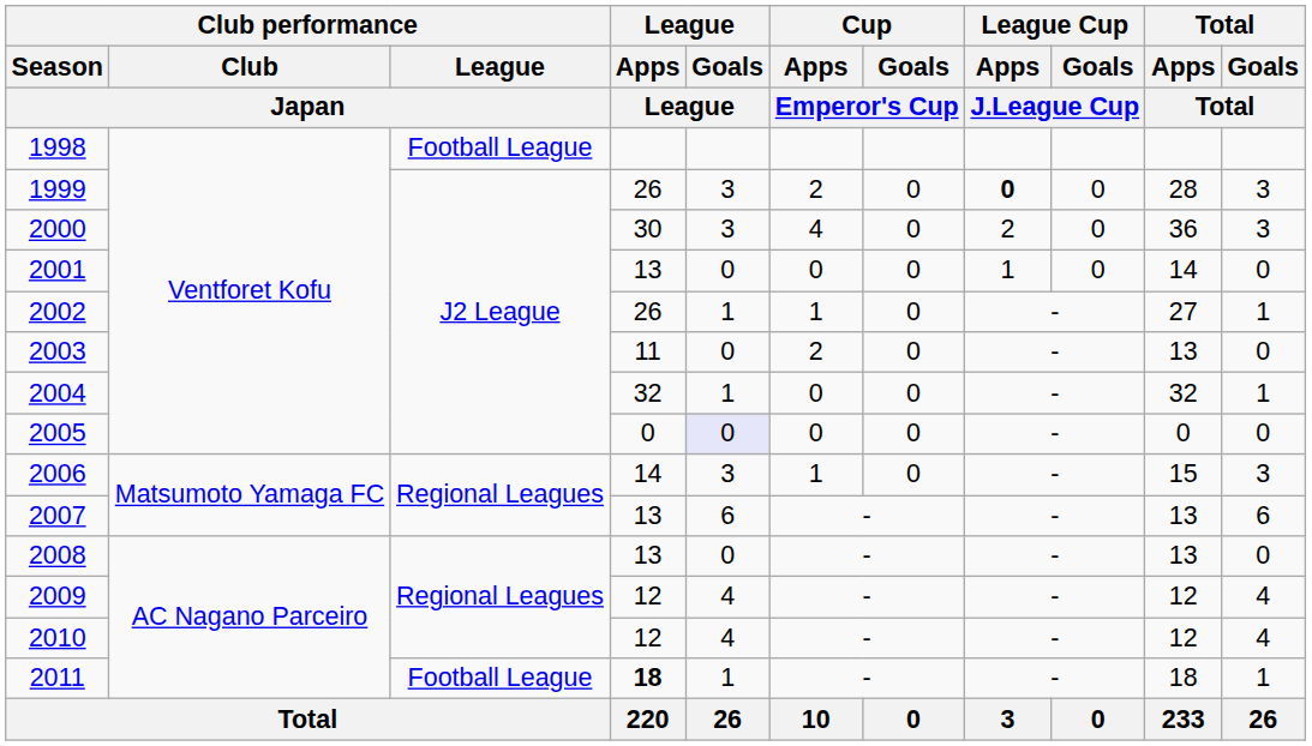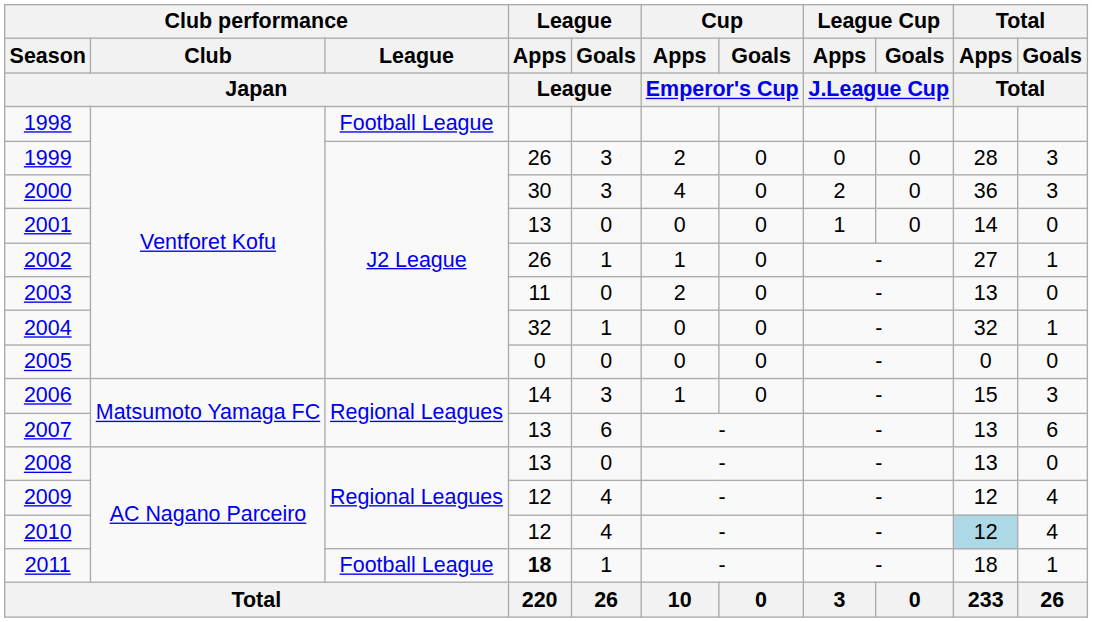 <table class="wikitable" style="text-align:center;">
 <tr>
 <th colspan=3>Club performance</th>
 <th colspan=2>League</th>
 <th colspan=2>Cup</th>
 <th colspan=2>League Cup</th>
 <th colspan=2>Total</th>
 </tr>
 <tr>
 <th>Season</th>
 <th>Club</th>
 <th>League</th>
 <th>Apps</th>
 <th>Goals</th>
 <th>Apps</th>
 <th>Goals</th>
 <th>Apps</th>
 <th>Goals</th>
 <th>Apps</th>
 <th>Goals</th>
 </tr>
 <tr>
 <th colspan=3>Japan</th>
 <th colspan=2>League</th>
 <th colspan=2><a href='#'>Emperor's Cup</a></th>
 <th colspan=2><a href='#'>J.League Cup</a></th>
 <th colspan=2>Total</th>
 </tr>
 <tr>
 <td><a href='#'>1998</a></td>
 <td rowspan="8"><a href='#'>Ventforet Kofu</a></td>
 <td><a href='#'>Football League</a></td>
 <td></td>
 <td></td>
 <td></td>
 <td></td>
 <td></td>
 <td></td>
 <td></td>
 <td></td>
 </tr>
 <tr>
 <td><a href='#'>1999</a></td>
 <td rowspan="7"><a href='#'>J2 League</a></td>
 <td>26</td>
 <td>3</td>
 <td>2</td>
 <td>0</td>
-<td><strong>0</strong></td>
+<td>0</td>
 <td>0</td>
 <td>28</td>
 <td>3</td>
 </tr>
 <tr>
 <td><a href='#'>2000</a></td>
 <td>30</td>
 <td>3</td>
 <td>4</td>
 <td>0</td>
 <td>2</td>
 <td>0</td>
 <td>36</td>
 <td>3</td>
 </tr>
 <tr>
 <td><a href='#'>2001</a></td>
 <td>13</td>
 <td>0</td>
 <td>0</td>
 <td>0</td>
 <td>1</td>
 <td>0</td>
 <td>14</td>
 <td>0</td>
 </tr>
 <tr>
 <td><a href='#'>2002</a></td>
 <td>26</td>
 <td>1</td>
 <td>1</td>
 <td>0</td>
 <td colspan="2">-</td>
 <td>27</td>
 <td>1</td>
 </tr>
 <tr>
 <td><a href='#'>2003</a></td>
 <td>11</td>
 <td>0</td>
 <td>2</td>
 <td>0</td>
 <td colspan="2">-</td>
 <td>13</td>
 <td>0</td>
 </tr>
 <tr>
 <td><a href='#'>2004</a></td>
 <td>32</td>
 <td>1</td>
 <td>0</td>
 <td>0</td>
 <td colspan="2">-</td>
 <td>32</td>
 <td>1</td>
 </tr>
 <tr>
 <td><a href='#'>2005</a></td>
 <td>0</td>
-<td style="background: lavender;">0</td>
+<td>0</td>
 <td>0</td>
 <td>0</td>
 <td colspan="2">-</td>
 <td>0</td>
 <td>0</td>
 </tr>
 <tr>
 <td><a href='#'>2006</a></td>
 <td rowspan="2"><a href='#'>Matsumoto Yamaga FC</a></td>
 <td rowspan="2"><a href='#'>Regional Leagues</a></td>
 <td>14</td>
 <td>3</td>
 <td>1</td>
 <td>0</td>
 <td colspan="2">-</td>
 <td>15</td>
 <td>3</td>
 </tr>
 <tr>
 <td><a href='#'>2007</a></td>
 <td>13</td>
 <td>6</td>
 <td colspan="2">-</td>
 <td colspan="2">-</td>
 <td>13</td>
 <td>6</td>
 </tr>
 <tr>
 <td><a href='#'>2008</a></td>
 <td rowspan="4"><a href='#'>AC Nagano Parceiro</a></td>
 <td rowspan="3"><a href='#'>Regional Leagues</a></td>
 <td>13</td>
 <td>0</td>
 <td colspan="2">-</td>
 <td colspan="2">-</td>
 <td>13</td>
 <td>0</td>
 </tr>
 <tr>
 <td><a href='#'>2009</a></td>
 <td>12</td>
 <td>4</td>
 <td colspan="2">-</td>
 <td colspan="2">-</td>
 <td>12</td>
 <td>4</td>
 </tr>
 <tr>
 <td><a href='#'>2010</a></td>
 <td>12</td>
 <td>4</td>
 <td colspan="2">-</td>
 <td colspan="2">-</td>
-<td>12</td>
+<td style="background: lightblue;">12</td>
 <td>4</td>
 </tr>
 <tr>
 <td><a href='#'>2011</a></td>
 <td><a href='#'>Football League</a></td>
 <td><strong>18</strong></td>
 <td>1</td>
 <td colspan="2">-</td>
 <td colspan="2">-</td>
 <td>18</td>
 <td>1</td>
 </tr>
 <tr>
 <th colspan=3>Total</th>
 <th>220</th>
 <th>26</th>
 <th>10</th>
 <th>0</th>
 <th>3</th>
 <th>0</th>
 <th>233</th>
 <th>26</th>
 </tr>
 </table>
